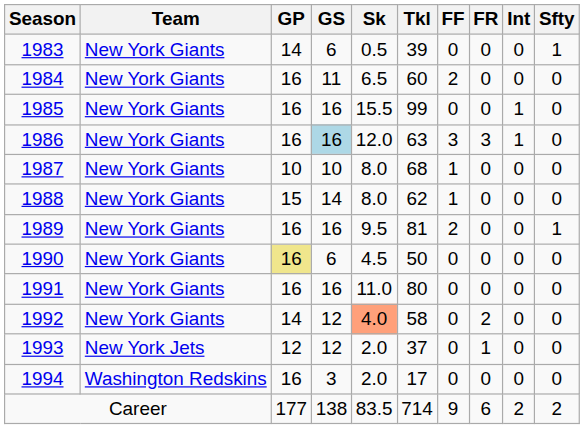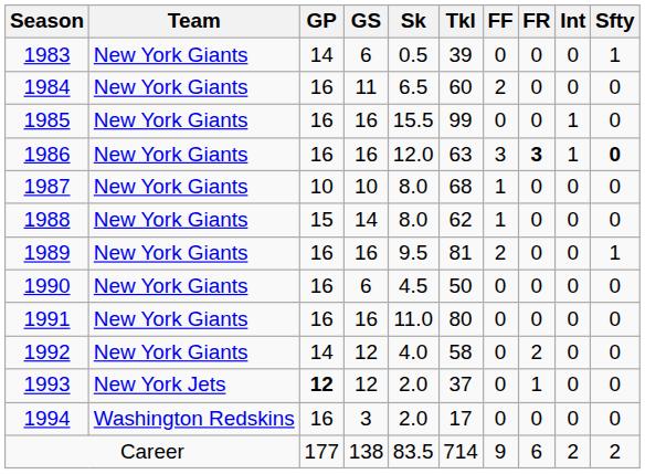 <table class="wikitable" style="text-align:center">
 <tr>
 <th>Season</th>
 <th>Team</th>
 <th>GP</th>
 <th>GS</th>
 <th>Sk</th>
 <th>Tkl</th>
 <th>FF</th>
 <th>FR</th>
 <th>Int</th>
 <th>Sfty</th>
 </tr>
 <tr>
 <td><a href='#'>1983</a></td>
 <td style="text-align:left"><a href='#'>New York Giants</a></td>
 <td>14</td>
 <td>6</td>
 <td>0.5</td>
 <td>39</td>
 <td>0</td>
 <td>0</td>
 <td>0</td>
 <td>1</td>
 </tr>
 <tr>
 <td><a href='#'>1984</a></td>
 <td style="text-align:left"><a href='#'>New York Giants</a></td>
 <td>16</td>
 <td>11</td>
 <td>6.5</td>
 <td>60</td>
 <td>2</td>
 <td>0</td>
 <td>0</td>
 <td>0</td>
 </tr>
 <tr>
 <td><a href='#'>1985</a></td>
 <td style="text-align:left"><a href='#'>New York Giants</a></td>
 <td>16</td>
 <td>16</td>
 <td>15.5</td>
 <td>99</td>
 <td>0</td>
 <td>0</td>
 <td>1</td>
 <td>0</td>
 </tr>
 <tr>
 <td><a href='#'>1986</a></td>
 <td style="text-align:left"><a href='#'>New York Giants</a></td>
 <td>16</td>
-<td style="background: lightblue;">16</td>
+<td>16</td>
 <td>12.0</td>
 <td>63</td>
 <td>3</td>
-<td>3</td>
+<td><strong>3</strong></td>
 <td>1</td>
-<td>0</td>
+<td><strong>0</strong></td>
 </tr>
 <tr>
 <td><a href='#'>1987</a></td>
 <td style="text-align:left"><a href='#'>New York Giants</a></td>
 <td>10</td>
 <td>10</td>
 <td>8.0</td>
 <td>68</td>
 <td>1</td>
 <td>0</td>
 <td>0</td>
 <td>0</td>
 </tr>
 <tr>
 <td><a href='#'>1988</a></td>
 <td style="text-align:left"><a href='#'>New York Giants</a></td>
 <td>15</td>
 <td>14</td>
 <td>8.0</td>
 <td>62</td>
 <td>1</td>
 <td>0</td>
 <td>0</td>
 <td>0</td>
 </tr>
 <tr>
 <td><a href='#'>1989</a></td>
 <td style="text-align:left"><a href='#'>New York Giants</a></td>
 <td>16</td>
 <td>16</td>
 <td>9.5</td>
 <td>81</td>
 <td>2</td>
 <td>0</td>
 <td>0</td>
 <td>1</td>
 </tr>
 <tr>
 <td><a href='#'>1990</a></td>
 <td style="text-align:left"><a href='#'>New York Giants</a></td>
-<td style="background: khaki;">16</td>
+<td>16</td>
 <td>6</td>
 <td>4.5</td>
 <td>50</td>
 <td>0</td>
 <td>0</td>
 <td>0</td>
 <td>0</td>
 </tr>
 <tr>
 <td><a href='#'>1991</a></td>
 <td style="text-align:left"><a href='#'>New York Giants</a></td>
 <td>16</td>
 <td>16</td>
 <td>11.0</td>
 <td>80</td>
 <td>0</td>
 <td>0</td>
 <td>0</td>
 <td>0</td>
 </tr>
 <tr>
 <td><a href='#'>1992</a></td>
 <td style="text-align:left"><a href='#'>New York Giants</a></td>
 <td>14</td>
 <td>12</td>
-<td style="background: lightsalmon;">4.0</td>
+<td>4.0</td>
 <td>58</td>
 <td>0</td>
 <td>2</td>
 <td>0</td>
 <td>0</td>
 </tr>
 <tr>
 <td><a href='#'>1993</a></td>
 <td style="text-align:left"><a href='#'>New York Jets</a></td>
-<td>12</td>
+<td><strong>12</strong></td>
 <td>12</td>
 <td>2.0</td>
 <td>37</td>
 <td>0</td>
 <td>1</td>
 <td>0</td>
 <td>0</td>
 </tr>
 <tr>
 <td><a href='#'>1994</a></td>
 <td style="text-align:left"><a href='#'>Washington Redskins</a></td>
 <td>16</td>
 <td>3</td>
 <td>2.0</td>
 <td>17</td>
 <td>0</td>
 <td>0</td>
 <td>0</td>
 <td>0</td>
 </tr>
 <tr>
 <td colspan="2">Career</td>
 <td>177</td>
 <td>138</td>
 <td>83.5</td>
 <td>714</td>
 <td>9</td>
 <td>6</td>
 <td>2</td>
 <td>2</td>
 </tr>
 </table>
